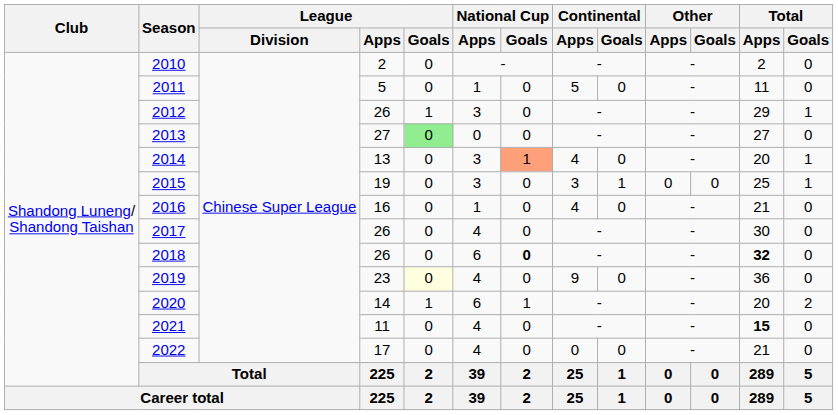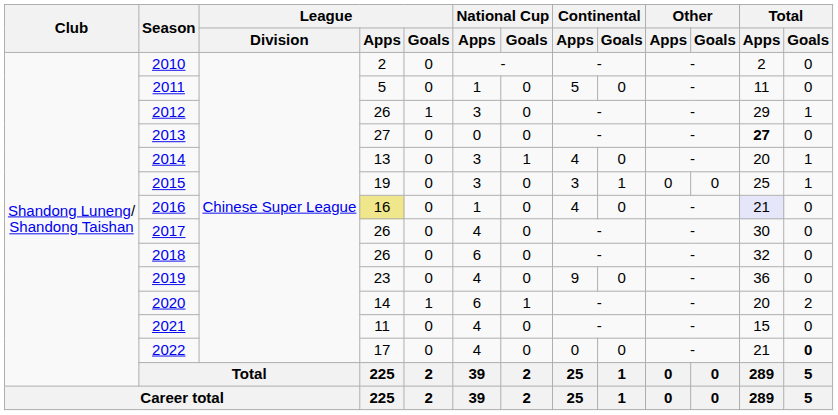 <table class="wikitable" style="text-align: center">
 <tr>
 <th rowspan="2">Club</th>
 <th rowspan="2">Season</th>
 <th colspan="3">League</th>
 <th colspan="2">National Cup</th>
 <th colspan="2">Continental</th>
 <th colspan="2">Other</th>
 <th colspan="2">Total</th>
 </tr>
 <tr>
 <th>Division</th>
 <th>Apps</th>
 <th>Goals</th>
 <th>Apps</th>
 <th>Goals</th>
 <th>Apps</th>
 <th>Goals</th>
 <th>Apps</th>
 <th>Goals</th>
 <th>Apps</th>
 <th>Goals</th>
 </tr>
 <tr>
 <td rowspan=14><a href='#'>Shandong Luneng</a>/<br><a href='#'>Shandong Taishan</a></td>
 <td><a href='#'>2010</a></td>
 <td rowspan=13><a href='#'>Chinese Super League</a></td>
 <td>2</td>
 <td>0</td>
 <td colspan="2">-</td>
 <td colspan="2">-</td>
 <td colspan="2">-</td>
 <td>2</td>
 <td>0</td>
 </tr>
 <tr>
 <td><a href='#'>2011</a></td>
 <td>5</td>
 <td>0</td>
 <td>1</td>
 <td>0</td>
 <td>5</td>
 <td>0</td>
 <td colspan="2">-</td>
 <td>11</td>
 <td>0</td>
 </tr>
 <tr>
 <td><a href='#'>2012</a></td>
 <td>26</td>
 <td>1</td>
 <td>3</td>
 <td>0</td>
 <td colspan="2">-</td>
 <td colspan="2">-</td>
 <td>29</td>
 <td>1</td>
 </tr>
 <tr>
 <td><a href='#'>2013</a></td>
 <td>27</td>
-<td style="background: lightgreen;">0</td>
+<td>0</td>
 <td>0</td>
 <td>0</td>
 <td colspan="2">-</td>
 <td colspan="2">-</td>
-<td>27</td>
+<td><strong>27</strong></td>
 <td>0</td>
 </tr>
 <tr>
 <td><a href='#'>2014</a></td>
 <td>13</td>
 <td>0</td>
 <td>3</td>
-<td style="background: lightsalmon;">1</td>
+<td>1</td>
 <td>4</td>
 <td>0</td>
 <td colspan="2">-</td>
 <td>20</td>
 <td>1</td>
 </tr>
 <tr>
 <td><a href='#'>2015</a></td>
 <td>19</td>
 <td>0</td>
 <td>3</td>
 <td>0</td>
 <td>3</td>
 <td>1</td>
 <td>0</td>
 <td>0</td>
 <td>25</td>
 <td>1</td>
 </tr>
 <tr>
 <td><a href='#'>2016</a></td>
-<td>16</td>
+<td style="background: khaki;">16</td>
 <td>0</td>
 <td>1</td>
 <td>0</td>
 <td>4</td>
 <td>0</td>
 <td colspan="2">-</td>
-<td>21</td>
+<td style="background: lavender;">21</td>
 <td>0</td>
 </tr>
 <tr>
 <td><a href='#'>2017</a></td>
 <td>26</td>
 <td>0</td>
 <td>4</td>
 <td>0</td>
 <td colspan="2">-</td>
 <td colspan="2">-</td>
 <td>30</td>
 <td>0</td>
 </tr>
 <tr>
 <td><a href='#'>2018</a></td>
 <td>26</td>
 <td>0</td>
 <td>6</td>
-<td><strong>0</strong></td>
+<td>0</td>
 <td colspan="2">-</td>
 <td colspan="2">-</td>
-<td><strong>32</strong></td>
+<td>32</td>
 <td>0</td>
 </tr>
 <tr>
 <td><a href='#'>2019</a></td>
 <td>23</td>
-<td style="background: lightyellow;">0</td>
+<td>0</td>
 <td>4</td>
 <td>0</td>
 <td>9</td>
 <td>0</td>
 <td colspan="2">-</td>
 <td>36</td>
 <td>0</td>
 </tr>
 <tr>
 <td><a href='#'>2020</a></td>
 <td>14</td>
 <td>1</td>
 <td>6</td>
 <td>1</td>
 <td colspan="2">-</td>
 <td colspan="2">-</td>
 <td>20</td>
 <td>2</td>
 </tr>
 <tr>
 <td><a href='#'>2021</a></td>
 <td>11</td>
 <td>0</td>
 <td>4</td>
 <td>0</td>
 <td colspan="2">-</td>
 <td colspan="2">-</td>
-<td><strong>15</strong></td>
+<td>15</td>
 <td>0</td>
 </tr>
 <tr>
 <td><a href='#'>2022</a></td>
 <td>17</td>
 <td>0</td>
 <td>4</td>
 <td>0</td>
 <td>0</td>
 <td>0</td>
 <td colspan="2">-</td>
 <td>21</td>
-<td>0</td>
+<td><strong>0</strong></td>
 </tr>
 <tr>
 <th colspan=2>Total</th>
 <th>225</th>
 <th>2</th>
 <th>39</th>
 <th>2</th>
 <th>25</th>
 <th>1</th>
 <th>0</th>
 <th>0</th>
 <th>289</th>
 <th>5</th>
 </tr>
 <tr>
 <th colspan=3>Career total</th>
 <th>225</th>
 <th>2</th>
 <th>39</th>
 <th>2</th>
 <th>25</th>
 <th>1</th>
 <th>0</th>
 <th>0</th>
 <th>289</th>
 <th>5</th>
 </tr>
 </table>
